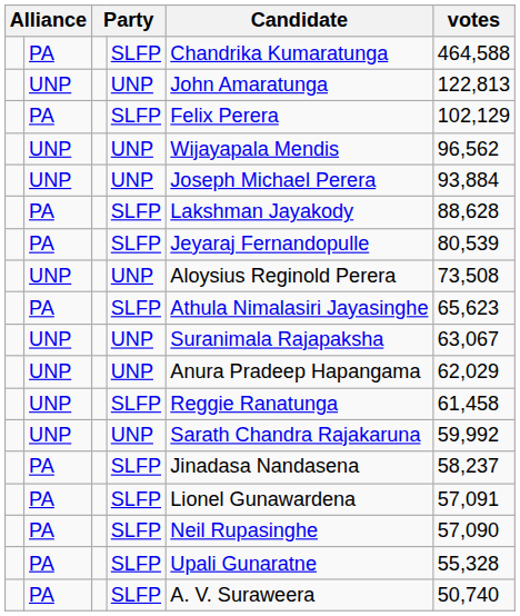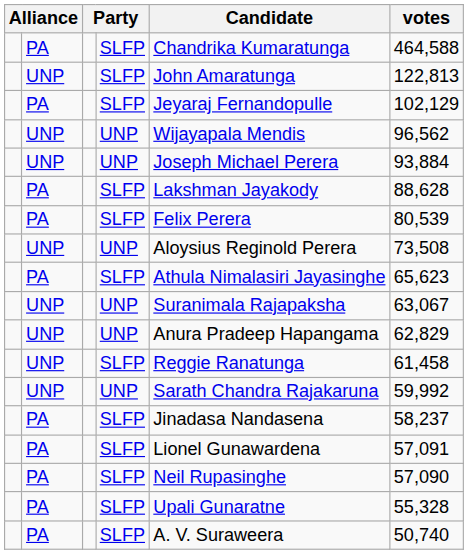 <table class="wikitable sortable mw-collapsible">
 <tr>
 <th colspan="2">Alliance</th>
 <th colspan="2">Party</th>
 <th>Candidate</th>
 <th>votes</th>
 </tr>
 <tr>
 <td bgcolor=> </td>
 <td align=left><a href='#'>PA</a></td>
 <td bgcolor=> </td>
 <td align=left><a href='#'>SLFP</a></td>
 <td><a href='#'>Chandrika Kumaratunga</a></td>
 <td>464,588</td>
 </tr>
 <tr>
 <td bgcolor=> </td>
 <td align=left><a href='#'>UNP</a></td>
 <td bgcolor=> </td>
-<td align=left><a href='#'>UNP</a></td>
+<td align=left><a href='#'>SLFP</a></td>
 <td><a href='#'>John Amaratunga</a></td>
 <td>122,813</td>
 </tr>
 <tr>
 <td bgcolor=> </td>
 <td align=left><a href='#'>PA</a></td>
 <td bgcolor=> </td>
 <td align=left><a href='#'>SLFP</a></td>
-<td><a href='#'>Felix Perera</a></td>
+<td><a href='#'>Jeyaraj Fernandopulle</a></td>
 <td>102,129</td>
 </tr>
 <tr>
 <td bgcolor=> </td>
 <td align=left><a href='#'>UNP</a></td>
 <td bgcolor=> </td>
 <td align=left><a href='#'>UNP</a></td>
 <td><a href='#'>Wijayapala Mendis</a></td>
 <td>96,562</td>
 </tr>
 <tr>
 <td bgcolor=> </td>
 <td align=left><a href='#'>UNP</a></td>
 <td bgcolor=> </td>
 <td align=left><a href='#'>UNP</a></td>
 <td><a href='#'>Joseph Michael Perera</a></td>
 <td>93,884</td>
 </tr>
 <tr>
 <td bgcolor=> </td>
 <td align=left><a href='#'>PA</a></td>
 <td bgcolor=> </td>
 <td align=left><a href='#'>SLFP</a></td>
 <td><a href='#'>Lakshman Jayakody</a></td>
 <td>88,628</td>
 </tr>
 <tr>
 <td bgcolor=> </td>
 <td align=left><a href='#'>PA</a></td>
 <td bgcolor=> </td>
 <td align=left><a href='#'>SLFP</a></td>
-<td><a href='#'>Jeyaraj Fernandopulle</a></td>
+<td><a href='#'>Felix Perera</a></td>
 <td>80,539</td>
 </tr>
 <tr>
 <td bgcolor=> </td>
 <td align=left><a href='#'>UNP</a></td>
 <td bgcolor=> </td>
 <td align=left><a href='#'>UNP</a></td>
 <td>Aloysius Reginold Perera</td>
 <td>73,508</td>
 </tr>
 <tr>
 <td bgcolor=> </td>
 <td align=left><a href='#'>PA</a></td>
 <td bgcolor=> </td>
 <td align=left><a href='#'>SLFP</a></td>
 <td><a href='#'>Athula Nimalasiri Jayasinghe</a></td>
 <td>65,623</td>
 </tr>
 <tr>
 <td bgcolor=> </td>
 <td align=left><a href='#'>UNP</a></td>
 <td bgcolor=> </td>
 <td align=left><a href='#'>UNP</a></td>
 <td><a href='#'>Suranimala Rajapaksha</a></td>
 <td>63,067</td>
 </tr>
 <tr>
 <td bgcolor=> </td>
 <td align=left><a href='#'>UNP</a></td>
 <td bgcolor=> </td>
 <td align=left><a href='#'>UNP</a></td>
 <td>Anura Pradeep Hapangama</td>
-<td>62,029</td>
+<td>62,829</td>
 </tr>
 <tr>
 <td bgcolor=> </td>
 <td align=left><a href='#'>UNP</a></td>
 <td bgcolor=> </td>
 <td align=left><a href='#'>SLFP</a></td>
 <td><a href='#'>Reggie Ranatunga</a></td>
 <td>61,458</td>
 </tr>
 <tr>
 <td bgcolor=> </td>
 <td align=left><a href='#'>UNP</a></td>
 <td bgcolor=> </td>
 <td align=left><a href='#'>UNP</a></td>
 <td><a href='#'>Sarath Chandra Rajakaruna</a></td>
 <td>59,992</td>
 </tr>
 <tr>
 <td bgcolor=> </td>
 <td align=left><a href='#'>PA</a></td>
 <td bgcolor=> </td>
 <td align=left><a href='#'>SLFP</a></td>
 <td>Jinadasa Nandasena</td>
 <td>58,237</td>
 </tr>
 <tr>
 <td bgcolor=> </td>
 <td align=left><a href='#'>PA</a></td>
 <td bgcolor=> </td>
 <td align=left><a href='#'>SLFP</a></td>
 <td>Lionel Gunawardena</td>
 <td>57,091</td>
 </tr>
 <tr>
 <td bgcolor=> </td>
 <td align=left><a href='#'>PA</a></td>
 <td bgcolor=> </td>
 <td align=left><a href='#'>SLFP</a></td>
 <td><a href='#'>Neil Rupasinghe</a></td>
 <td>57,090</td>
 </tr>
 <tr>
 <td bgcolor=> </td>
 <td align=left><a href='#'>PA</a></td>
 <td bgcolor=> </td>
 <td align=left><a href='#'>SLFP</a></td>
 <td><a href='#'>Upali Gunaratne</a></td>
 <td>55,328</td>
 </tr>
 <tr>
 <td bgcolor=> </td>
 <td align=left><a href='#'>PA</a></td>
 <td bgcolor=> </td>
 <td align=left><a href='#'>SLFP</a></td>
 <td>A. V. Suraweera</td>
 <td>50,740</td>
 </tr>
 </table>
